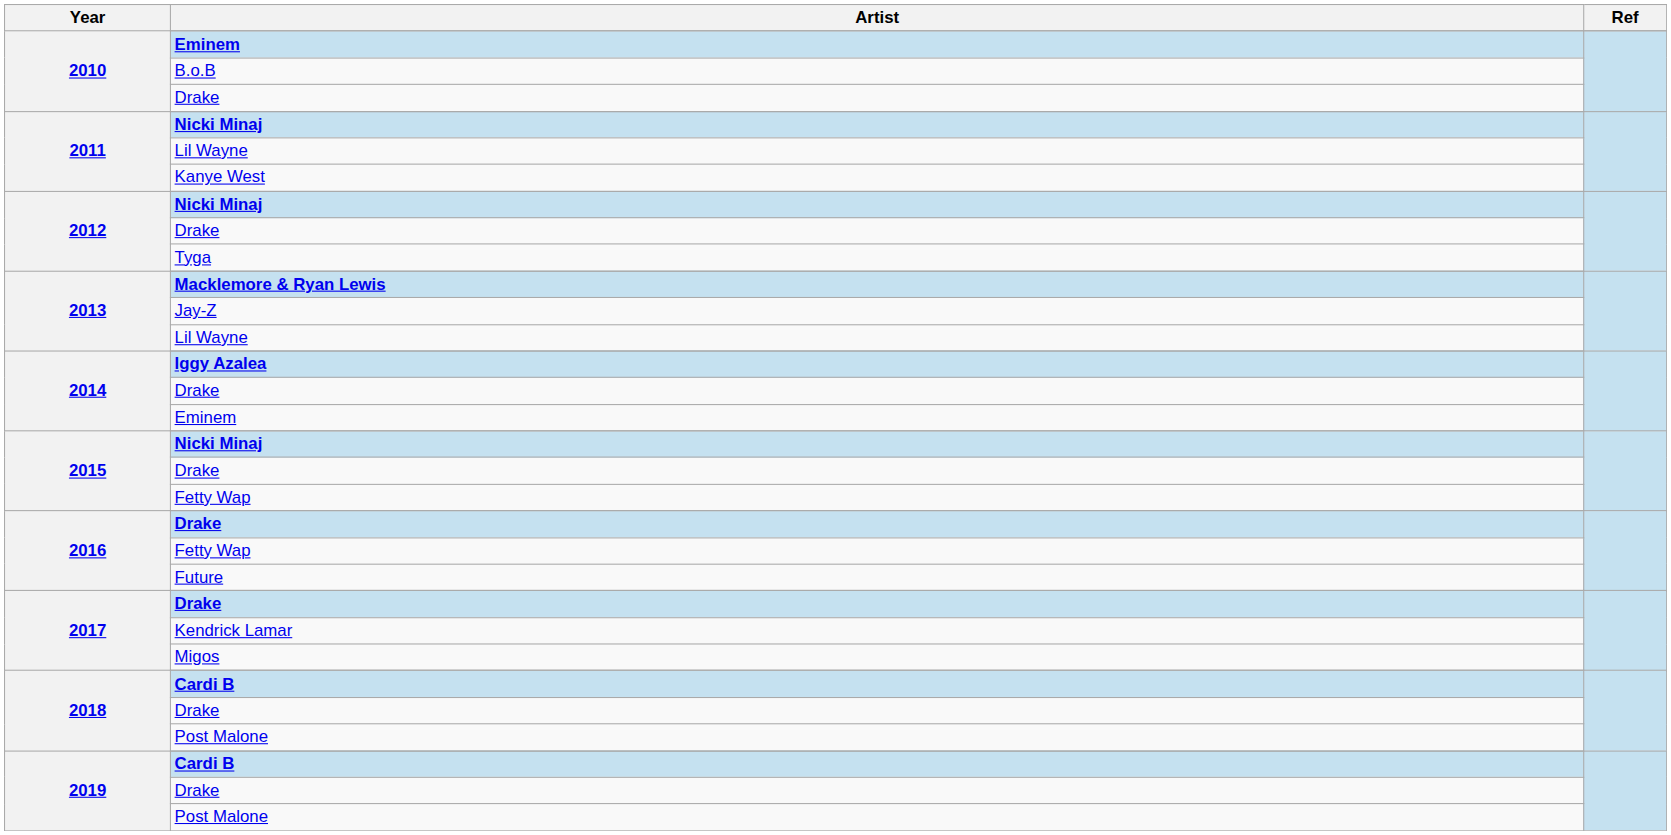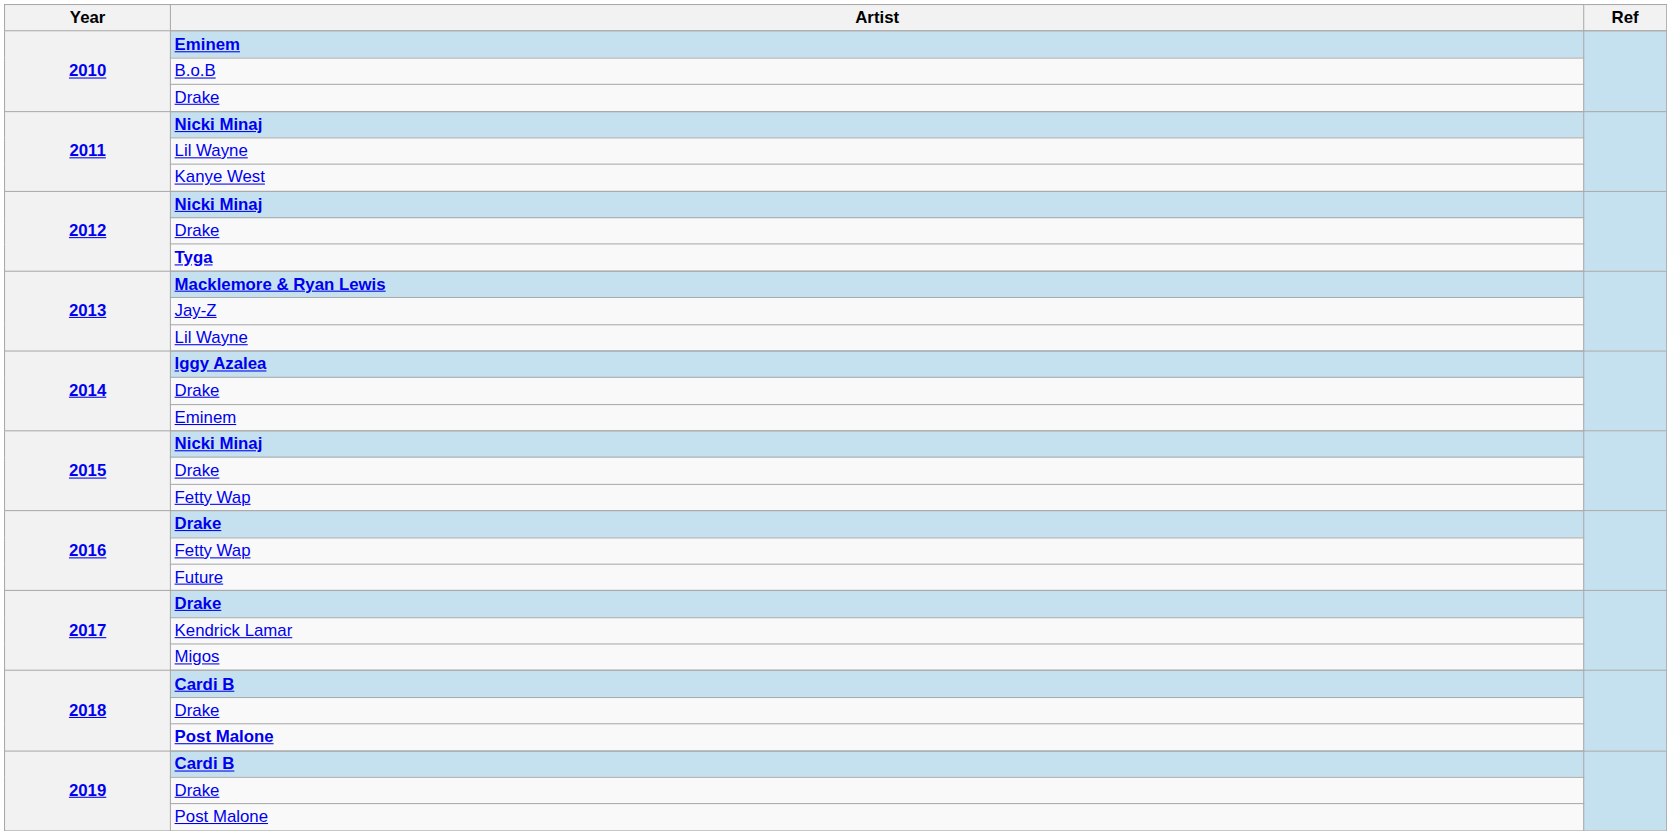 <table class="wikitable" width="100%">
 <tr>
 <th width="10%">Year</th>
 <th width="85%">Artist</th>
 <th width="5%">Ref</th>
 </tr>
 <tr>
 <th rowspan="4" align="center"><a href='#'>2010<br></a></th>
 </tr>
 <tr style="background:#c5e1f0">
 <td><strong><a href='#'>Eminem</a></strong></td>
 <td rowspan="4" align="center"></td>
 </tr>
 <tr>
 <td><a href='#'>B.o.B</a></td>
 </tr>
 <tr>
 <td><a href='#'>Drake</a></td>
 </tr>
 <tr>
 <th rowspan="4" align="center"><a href='#'>2011<br></a></th>
 </tr>
 <tr style="background:#c5e1f0">
 <td><strong><a href='#'>Nicki Minaj</a></strong></td>
 <td rowspan="4" align="center"></td>
 </tr>
 <tr>
 <td><a href='#'>Lil Wayne</a></td>
 </tr>
 <tr>
 <td><a href='#'>Kanye West</a></td>
 </tr>
 <tr>
 <th rowspan="4" align="center"><a href='#'>2012<br></a></th>
 </tr>
 <tr style="background:#c5e1f0">
 <td><strong><a href='#'>Nicki Minaj</a></strong></td>
 <td rowspan="4" align="center"></td>
 </tr>
 <tr>
 <td><a href='#'>Drake</a></td>
 </tr>
 <tr>
-<td><a href='#'>Tyga</a></td>
+<td><strong><a href='#'>Tyga</a></strong></td>
 </tr>
 <tr>
 <th rowspan="4" align="center"><a href='#'>2013<br></a></th>
 </tr>
 <tr style="background:#c5e1f0">
 <td><strong><a href='#'>Macklemore & Ryan Lewis</a></strong></td>
 <td rowspan="4" align="center"></td>
 </tr>
 <tr>
 <td><a href='#'>Jay-Z</a></td>
 </tr>
 <tr>
 <td><a href='#'>Lil Wayne</a></td>
 </tr>
 <tr>
 <th rowspan="4" align="center"><a href='#'>2014<br></a></th>
 </tr>
 <tr style="background:#c5e1f0">
 <td><strong><a href='#'>Iggy Azalea</a></strong></td>
 <td rowspan="4" align="center"></td>
 </tr>
 <tr>
 <td><a href='#'>Drake</a></td>
 </tr>
 <tr>
 <td><a href='#'>Eminem</a></td>
 </tr>
 <tr>
 <th rowspan="4" align="center"><a href='#'>2015<br></a></th>
 </tr>
 <tr style="background:#c5e1f0">
 <td><strong><a href='#'>Nicki Minaj</a></strong></td>
 <td rowspan="4" align="center"></td>
 </tr>
 <tr>
 <td><a href='#'>Drake</a></td>
 </tr>
 <tr>
 <td><a href='#'>Fetty Wap</a></td>
 </tr>
 <tr>
 <th rowspan="4" align="center"><a href='#'>2016<br></a></th>
 </tr>
 <tr style="background:#c5e1f0">
 <td><strong><a href='#'>Drake</a></strong></td>
 <td rowspan="4" align="center"></td>
 </tr>
 <tr>
 <td><a href='#'>Fetty Wap</a></td>
 </tr>
 <tr>
 <td><a href='#'>Future</a></td>
 </tr>
 <tr>
 <th rowspan="4" align="center"><a href='#'>2017<br></a></th>
 </tr>
 <tr style="background:#c5e1f0">
 <td><strong><a href='#'>Drake</a></strong></td>
 <td rowspan="4" align="center"></td>
 </tr>
 <tr>
 <td><a href='#'>Kendrick Lamar</a></td>
 </tr>
 <tr>
 <td><a href='#'>Migos</a></td>
 </tr>
 <tr>
 <th rowspan="4" align="center"><a href='#'>2018<br></a></th>
 </tr>
 <tr style="background:#c5e1f0">
 <td><strong><a href='#'>Cardi B</a></strong></td>
 <td rowspan="4" align="center"></td>
 </tr>
 <tr>
 <td><a href='#'>Drake</a></td>
 </tr>
 <tr>
-<td><a href='#'>Post Malone</a></td>
+<td><strong><a href='#'>Post Malone</a></strong></td>
 </tr>
 <tr>
 <th rowspan="4" align="center"><a href='#'>2019<br></a></th>
 </tr>
 <tr style="background:#c5e1f0">
 <td><strong><a href='#'>Cardi B</a></strong></td>
 <td rowspan="4" align="center"></td>
 </tr>
 <tr>
 <td><a href='#'>Drake</a></td>
 </tr>
 <tr>
 <td><a href='#'>Post Malone</a></td>
 </tr>
 </table>
